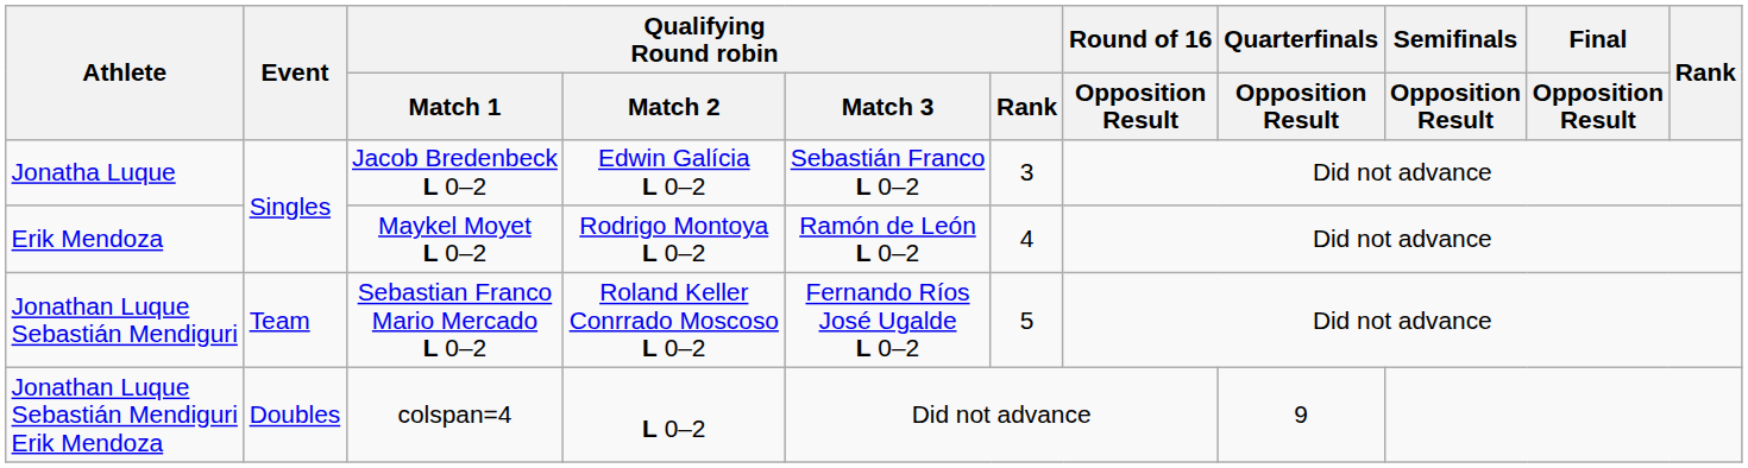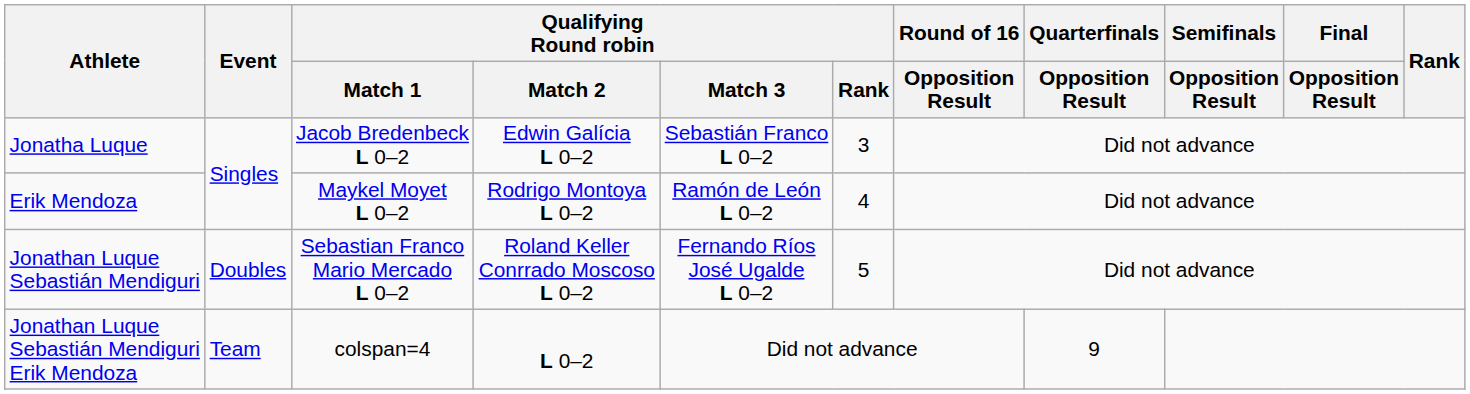 <table class="wikitable" style="font-size:90%">
 <tr>
 <th rowspan="2">Athlete</th>
 <th rowspan="2">Event</th>
 <th colspan="4">Qualifying<br>Round robin</th>
 <th>Round of 16</th>
 <th>Quarterfinals</th>
 <th>Semifinals</th>
 <th>Final</th>
 <th rowspan="2">Rank</th>
 </tr>
 <tr>
 <th>Match 1</th>
 <th>Match 2</th>
 <th>Match 3</th>
 <th>Rank</th>
 <th>Opposition<br>Result</th>
 <th>Opposition<br>Result</th>
 <th>Opposition<br>Result</th>
 <th>Opposition<br>Result</th>
 </tr>
 <tr align=center>
 <td align=left><a href='#'>Jonatha Luque</a></td>
 <td rowspan=2 align=left><a href='#'>Singles</a></td>
 <td align=center> <a href='#'>Jacob Bredenbeck</a><br><strong>L</strong> 0–2</td>
 <td align=center> <a href='#'>Edwin Galícia</a><br><strong>L</strong> 0–2</td>
 <td align=center> <a href='#'>Sebastián Franco</a><br><strong>L</strong> 0–2</td>
 <td>3</td>
 <td colspan=5>Did not advance</td>
 </tr>
 <tr align=center>
 <td align=left><a href='#'>Erik Mendoza</a></td>
 <td align=center> <a href='#'>Maykel Moyet</a><br><strong>L</strong> 0–2</td>
 <td align=center> <a href='#'>Rodrigo Montoya</a><br><strong>L</strong> 0–2</td>
 <td align=center> <a href='#'>Ramón de León</a><br><strong>L</strong> 0–2</td>
 <td>4</td>
 <td colspan=5>Did not advance</td>
 </tr>
 <tr align=center>
 <td align=left><a href='#'>Jonathan Luque</a><br><a href='#'>Sebastián Mendiguri</a></td>
-<td align=left><a href='#'>Team</a></td>
+<td align=left><a href='#'>Doubles</a></td>
 <td align=center> <a href='#'>Sebastian Franco</a><br><a href='#'>Mario Mercado</a><br><strong>L</strong> 0–2</td>
 <td align=center> <a href='#'>Roland Keller</a><br><a href='#'>Conrrado Moscoso</a><br><strong>L</strong> 0–2</td>
 <td align=center> <a href='#'>Fernando Ríos</a><br><a href='#'>José Ugalde</a><br><strong>L</strong> 0–2</td>
 <td>5</td>
 <td colspan=5>Did not advance</td>
 </tr>
 <tr align=center>
 <td align=left><a href='#'>Jonathan Luque</a><br><a href='#'>Sebastián Mendiguri</a><br><a href='#'>Erik Mendoza</a></td>
-<td align=left><a href='#'>Doubles</a></td>
+<td align=left><a href='#'>Team</a></td>
 <td>colspan=4 </td>
 <td align=center><br><strong>L</strong> 0–2</td>
 <td colspan=3>Did not advance</td>
 <td>9</td>
 </tr>
 </table>
